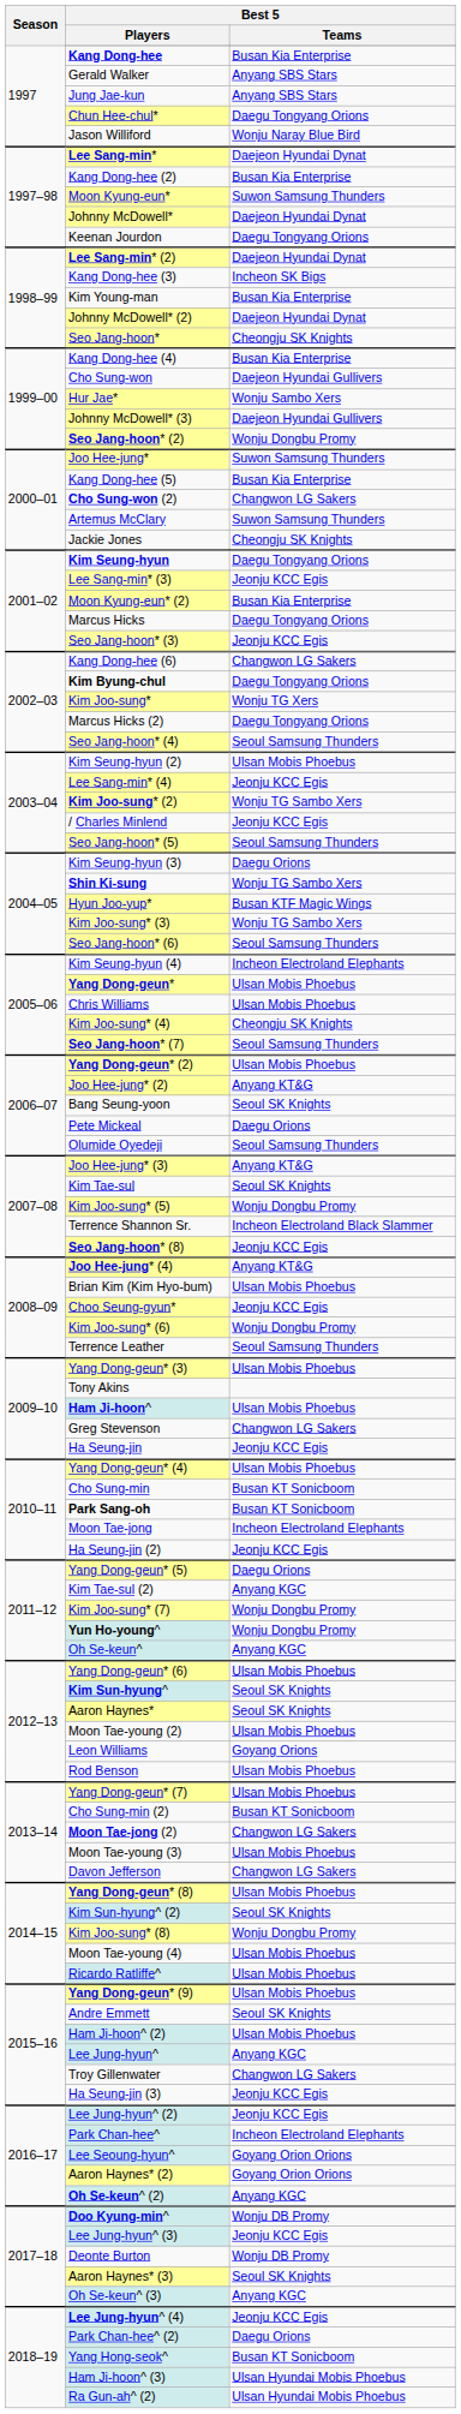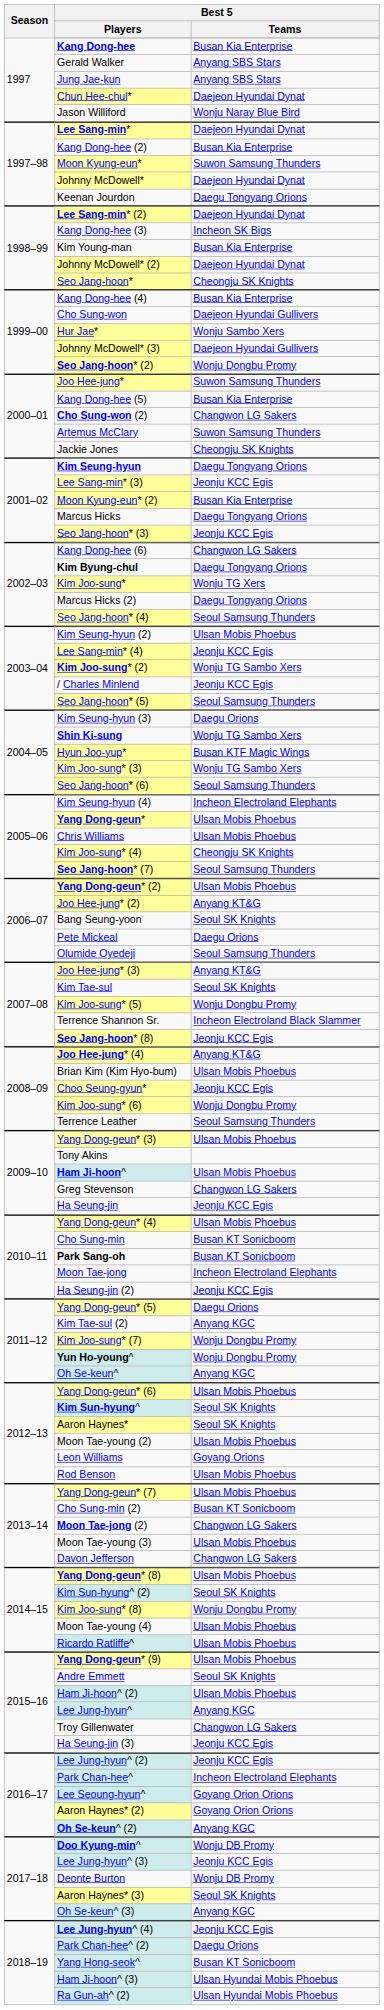 <table class="wikitable sortable" style="width:45%">
 <tr>
 <th rowspan="2">Season</th>
 <th colspan="2" class=unsortable>Best 5</th>
 </tr>
 <tr>
 <th class=unsortable>Players</th>
 <th class=unsortable>Teams</th>
 </tr>
 <tr>
 <td rowspan="6">1997</td>
 </tr>
 <tr>
 <td><strong><a href='#'>Kang Dong-hee</a></strong></td>
 <td><a href='#'>Busan Kia Enterprise</a></td>
 </tr>
 <tr>
 <td> Gerald Walker</td>
 <td><a href='#'>Anyang SBS Stars</a></td>
 </tr>
 <tr>
 <td><a href='#'>Jung Jae-kun</a></td>
 <td><a href='#'>Anyang SBS Stars</a></td>
 </tr>
 <tr>
 <td style="background-color:#FFFF99;"><a href='#'>Chun Hee-chul</a>*</td>
-<td><a href='#'>Daegu Tongyang Orions</a></td>
+<td><a href='#'>Daejeon Hyundai Dynat</a></td>
 </tr>
 <tr>
 <td> Jason Williford</td>
 <td><a href='#'>Wonju Naray Blue Bird</a></td>
 </tr>
 <tr style="border-top:2px solid black">
 <td rowspan="6">1997–98</td>
 </tr>
 <tr>
 <td style="background-color:#FFFF99;"><strong><a href='#'>Lee Sang-min</a></strong>*</td>
 <td><a href='#'>Daejeon Hyundai Dynat</a></td>
 </tr>
 <tr>
 <td><a href='#'>Kang Dong-hee</a> (2)</td>
 <td><a href='#'>Busan Kia Enterprise</a></td>
 </tr>
 <tr>
 <td style="background-color:#FFFF99;"><a href='#'>Moon Kyung-eun</a>*</td>
 <td><a href='#'>Suwon Samsung Thunders</a></td>
 </tr>
 <tr>
 <td style="background-color:#FFFF99;"> Johnny McDowell*</td>
 <td><a href='#'>Daejeon Hyundai Dynat</a></td>
 </tr>
 <tr>
 <td> Keenan Jourdon</td>
 <td><a href='#'>Daegu Tongyang Orions</a></td>
 </tr>
 <tr style="border-top:2px solid black">
 <td rowspan="6">1998–99</td>
 </tr>
 <tr>
 <td style="background-color:#FFFF99;"><strong><a href='#'>Lee Sang-min</a></strong>* (2)</td>
 <td><a href='#'>Daejeon Hyundai Dynat</a></td>
 </tr>
 <tr>
 <td><a href='#'>Kang Dong-hee</a> (3)</td>
 <td><a href='#'>Incheon SK Bigs</a></td>
 </tr>
 <tr>
 <td>Kim Young-man</td>
 <td><a href='#'>Busan Kia Enterprise</a></td>
 </tr>
 <tr>
 <td style="background-color:#FFFF99;"> Johnny McDowell* (2)</td>
 <td><a href='#'>Daejeon Hyundai Dynat</a></td>
 </tr>
 <tr>
 <td style="background-color:#FFFF99;"><a href='#'>Seo Jang-hoon</a>*</td>
 <td><a href='#'>Cheongju SK Knights</a></td>
 </tr>
 <tr style="border-top:2px solid black">
 <td rowspan="6">1999–00</td>
 </tr>
 <tr>
 <td><a href='#'>Kang Dong-hee</a> (4)</td>
 <td><a href='#'>Busan Kia Enterprise</a></td>
 </tr>
 <tr>
 <td><a href='#'>Cho Sung-won</a></td>
 <td><a href='#'>Daejeon Hyundai Gullivers</a></td>
 </tr>
 <tr>
 <td style="background-color:#FFFF99;"><a href='#'>Hur Jae</a>*</td>
 <td><a href='#'>Wonju Sambo Xers</a></td>
 </tr>
 <tr>
 <td style="background-color:#FFFF99;"> Johnny McDowell* (3)</td>
 <td><a href='#'>Daejeon Hyundai Gullivers</a></td>
 </tr>
 <tr>
 <td style="background-color:#FFFF99;"><strong><a href='#'>Seo Jang-hoon</a></strong>* (2)</td>
 <td><a href='#'>Wonju Dongbu Promy</a></td>
 </tr>
 <tr style="border-top:2px solid black">
 <td rowspan="6">2000–01</td>
 </tr>
 <tr>
 <td style="background-color:#FFFF99;"><a href='#'>Joo Hee-jung</a>*</td>
 <td><a href='#'>Suwon Samsung Thunders</a></td>
 </tr>
 <tr>
 <td><a href='#'>Kang Dong-hee</a> (5)</td>
 <td><a href='#'>Busan Kia Enterprise</a></td>
 </tr>
 <tr>
 <td><strong><a href='#'>Cho Sung-won</a></strong> (2)</td>
 <td><a href='#'>Changwon LG Sakers</a></td>
 </tr>
 <tr>
 <td> <a href='#'>Artemus McClary</a></td>
 <td><a href='#'>Suwon Samsung Thunders</a></td>
 </tr>
 <tr>
 <td> Jackie Jones</td>
 <td><a href='#'>Cheongju SK Knights</a></td>
 </tr>
 <tr style="border-top:2px solid black">
 <td rowspan="6">2001–02</td>
 </tr>
 <tr>
 <td><strong><a href='#'>Kim Seung-hyun</a></strong></td>
 <td><a href='#'>Daegu Tongyang Orions</a></td>
 </tr>
 <tr>
 <td style="background-color:#FFFF99;"><a href='#'>Lee Sang-min</a>* (3)</td>
 <td><a href='#'>Jeonju KCC Egis</a></td>
 </tr>
 <tr>
 <td style="background-color:#FFFF99;"><a href='#'>Moon Kyung-eun</a>* (2)</td>
 <td><a href='#'>Busan Kia Enterprise</a></td>
 </tr>
 <tr>
 <td> Marcus Hicks</td>
 <td><a href='#'>Daegu Tongyang Orions</a></td>
 </tr>
 <tr>
 <td style="background-color:#FFFF99;"><a href='#'>Seo Jang-hoon</a>* (3)</td>
 <td><a href='#'>Jeonju KCC Egis</a></td>
 </tr>
 <tr style="border-top:2px solid black">
 <td rowspan="6">2002–03</td>
 </tr>
 <tr>
 <td><a href='#'>Kang Dong-hee</a> (6)</td>
 <td><a href='#'>Changwon LG Sakers</a></td>
 </tr>
 <tr>
 <td><strong>Kim Byung-chul</strong></td>
 <td><a href='#'>Daegu Tongyang Orions</a></td>
 </tr>
 <tr>
 <td style="background-color:#FFFF99;"><a href='#'>Kim Joo-sung</a>*</td>
 <td><a href='#'>Wonju TG Xers</a></td>
 </tr>
 <tr>
 <td> Marcus Hicks (2)</td>
 <td><a href='#'>Daegu Tongyang Orions</a></td>
 </tr>
 <tr>
 <td style="background-color:#FFFF99;"><a href='#'>Seo Jang-hoon</a>* (4)</td>
 <td><a href='#'>Seoul Samsung Thunders</a></td>
 </tr>
 <tr style="border-top:2px solid black">
 <td rowspan="6">2003–04</td>
 </tr>
 <tr>
 <td><a href='#'>Kim Seung-hyun</a> (2)</td>
 <td><a href='#'>Ulsan Mobis Phoebus</a></td>
 </tr>
 <tr>
 <td style="background-color:#FFFF99;"><a href='#'>Lee Sang-min</a>* (4)</td>
 <td><a href='#'>Jeonju KCC Egis</a></td>
 </tr>
 <tr>
 <td style="background-color:#FFFF99;"><strong><a href='#'>Kim Joo-sung</a></strong>* (2)</td>
 <td><a href='#'>Wonju TG Sambo Xers</a></td>
 </tr>
 <tr>
 <td>/ <a href='#'>Charles Minlend</a></td>
 <td><a href='#'>Jeonju KCC Egis</a></td>
 </tr>
 <tr>
 <td style="background-color:#FFFF99;"><a href='#'>Seo Jang-hoon</a>* (5)</td>
 <td><a href='#'>Seoul Samsung Thunders</a></td>
 </tr>
 <tr style="border-top:2px solid black">
 <td rowspan="6">2004–05</td>
 </tr>
 <tr>
 <td><a href='#'>Kim Seung-hyun</a> (3)</td>
 <td><a href='#'>Daegu Orions</a></td>
 </tr>
 <tr>
 <td><strong><a href='#'>Shin Ki-sung</a></strong></td>
 <td><a href='#'>Wonju TG Sambo Xers</a></td>
 </tr>
 <tr>
 <td style="background-color:#FFFF99;"><a href='#'>Hyun Joo-yup</a>*</td>
 <td><a href='#'>Busan KTF Magic Wings</a></td>
 </tr>
 <tr>
 <td style="background-color:#FFFF99;"><a href='#'>Kim Joo-sung</a>* (3)</td>
 <td><a href='#'>Wonju TG Sambo Xers</a></td>
 </tr>
 <tr>
 <td style="background-color:#FFFF99;"><a href='#'>Seo Jang-hoon</a>* (6)</td>
 <td><a href='#'>Seoul Samsung Thunders</a></td>
 </tr>
 <tr style="border-top:2px solid black">
 <td rowspan="6">2005–06</td>
 </tr>
 <tr>
 <td><a href='#'>Kim Seung-hyun</a> (4)</td>
 <td><a href='#'>Incheon Electroland Elephants</a></td>
 </tr>
 <tr>
 <td style="background-color:#FFFF99;"><strong><a href='#'>Yang Dong-geun</a></strong>*</td>
 <td><a href='#'>Ulsan Mobis Phoebus</a></td>
 </tr>
 <tr>
 <td> <a href='#'>Chris Williams</a></td>
 <td><a href='#'>Ulsan Mobis Phoebus</a></td>
 </tr>
 <tr>
 <td style="background-color:#FFFF99;"><a href='#'>Kim Joo-sung</a>* (4)</td>
 <td><a href='#'>Cheongju SK Knights</a></td>
 </tr>
 <tr>
 <td style="background-color:#FFFF99;"><strong><a href='#'>Seo Jang-hoon</a></strong>* (7)</td>
 <td><a href='#'>Seoul Samsung Thunders</a></td>
 </tr>
 <tr style="border-top:2px solid black">
 <td rowspan="6">2006–07</td>
 </tr>
 <tr>
 <td style="background-color:#FFFF99;"><strong><a href='#'>Yang Dong-geun</a></strong>* (2)</td>
 <td><a href='#'>Ulsan Mobis Phoebus</a></td>
 </tr>
 <tr>
 <td style="background-color:#FFFF99;"><a href='#'>Joo Hee-jung</a>* (2)</td>
 <td><a href='#'>Anyang KT&G</a></td>
 </tr>
 <tr>
 <td>Bang Seung-yoon</td>
 <td><a href='#'>Seoul SK Knights</a></td>
 </tr>
 <tr>
 <td> <a href='#'>Pete Mickeal</a></td>
 <td><a href='#'>Daegu Orions</a></td>
 </tr>
 <tr>
 <td> <a href='#'>Olumide Oyedeji</a></td>
 <td><a href='#'>Seoul Samsung Thunders</a></td>
 </tr>
 <tr style="border-top:2px solid black">
 <td rowspan="6">2007–08</td>
 </tr>
 <tr>
 <td style="background-color:#FFFF99;"><a href='#'>Joo Hee-jung</a>* (3)</td>
 <td><a href='#'>Anyang KT&G</a></td>
 </tr>
 <tr>
 <td><a href='#'>Kim Tae-sul</a></td>
 <td><a href='#'>Seoul SK Knights</a></td>
 </tr>
 <tr>
 <td style="background-color:#FFFF99;"><a href='#'>Kim Joo-sung</a>* (5)</td>
 <td><a href='#'>Wonju Dongbu Promy</a></td>
 </tr>
 <tr>
 <td>Terrence Shannon Sr.</td>
 <td><a href='#'>Incheon Electroland Black Slammer</a></td>
 </tr>
 <tr>
 <td style="background-color:#FFFF99;"><strong><a href='#'>Seo Jang-hoon</a></strong>* (8)</td>
 <td><a href='#'>Jeonju KCC Egis</a></td>
 </tr>
 <tr style="border-top:2px solid black">
 <td rowspan="6">2008–09</td>
 </tr>
 <tr>
 <td style="background-color:#FFFF99;"><strong><a href='#'>Joo Hee-jung</a></strong>* (4)</td>
 <td><a href='#'>Anyang KT&G</a></td>
 </tr>
 <tr>
 <td> Brian Kim (Kim Hyo-bum)</td>
 <td><a href='#'>Ulsan Mobis Phoebus</a></td>
 </tr>
 <tr>
 <td style="background-color:#FFFF99;"><a href='#'>Choo Seung-gyun</a>*</td>
 <td><a href='#'>Jeonju KCC Egis</a></td>
 </tr>
 <tr>
 <td style="background-color:#FFFF99;"><a href='#'>Kim Joo-sung</a>* (6)</td>
 <td><a href='#'>Wonju Dongbu Promy</a></td>
 </tr>
 <tr>
 <td> Terrence Leather</td>
 <td><a href='#'>Seoul Samsung Thunders</a></td>
 </tr>
 <tr style="border-top:2px solid black">
 <td rowspan="6">2009–10</td>
 </tr>
 <tr>
 <td style="background-color:#FFFF99;"><a href='#'>Yang Dong-geun</a>* (3)</td>
 <td><a href='#'>Ulsan Mobis Phoebus</a></td>
 </tr>
 <tr>
 <td> Tony Akins</td>
 </tr>
 <tr>
 <td style="background-color:#CFECEC;"><strong><a href='#'>Ham Ji-hoon</a></strong>^</td>
 <td><a href='#'>Ulsan Mobis Phoebus</a></td>
 </tr>
 <tr>
 <td> Greg Stevenson</td>
 <td><a href='#'>Changwon LG Sakers</a></td>
 </tr>
 <tr>
 <td><a href='#'>Ha Seung-jin</a></td>
 <td><a href='#'>Jeonju KCC Egis</a></td>
 </tr>
 <tr style="border-top:2px solid black">
 <td rowspan="6">2010–11</td>
 </tr>
 <tr>
 <td style="background-color:#FFFF99;"><a href='#'>Yang Dong-geun</a>* (4)</td>
 <td><a href='#'>Ulsan Mobis Phoebus</a></td>
 </tr>
 <tr>
 <td><a href='#'>Cho Sung-min</a></td>
 <td><a href='#'>Busan KT Sonicboom</a></td>
 </tr>
 <tr>
 <td><strong>Park Sang-oh</strong></td>
 <td><a href='#'>Busan KT Sonicboom</a></td>
 </tr>
 <tr>
 <td><a href='#'>Moon Tae-jong</a></td>
 <td><a href='#'>Incheon Electroland Elephants</a></td>
 </tr>
 <tr>
 <td><a href='#'>Ha Seung-jin</a> (2)</td>
 <td><a href='#'>Jeonju KCC Egis</a></td>
 </tr>
 <tr style="border-top:2px solid black">
 <td rowspan="6">2011–12</td>
 </tr>
 <tr>
 <td style="background-color:#FFFF99;"><a href='#'>Yang Dong-geun</a>* (5)</td>
 <td><a href='#'>Daegu Orions</a></td>
 </tr>
 <tr>
 <td><a href='#'>Kim Tae-sul</a> (2)</td>
 <td><a href='#'>Anyang KGC</a></td>
 </tr>
 <tr>
 <td style="background-color:#FFFF99;"><a href='#'>Kim Joo-sung</a>* (7)</td>
 <td><a href='#'>Wonju Dongbu Promy</a></td>
 </tr>
 <tr>
 <td style="background-color:#CFECEC;"><strong>Yun Ho-young</strong>^</td>
 <td><a href='#'>Wonju Dongbu Promy</a></td>
 </tr>
 <tr>
 <td style="background-color:#CFECEC;"><a href='#'>Oh Se-keun</a>^</td>
 <td><a href='#'>Anyang KGC</a></td>
 </tr>
 <tr style="border-top:2px solid black">
 <td rowspan="7">2012–13</td>
 </tr>
 <tr>
 <td style="background-color:#FFFF99;"><a href='#'>Yang Dong-geun</a>* (6)</td>
 <td><a href='#'>Ulsan Mobis Phoebus</a></td>
 </tr>
 <tr>
 <td style="background-color:#CFECEC;"><strong><a href='#'>Kim Sun-hyung</a></strong>^</td>
 <td><a href='#'>Seoul SK Knights</a></td>
 </tr>
 <tr>
 <td style="background-color:#FFFF99;"> Aaron Haynes*</td>
 <td><a href='#'>Seoul SK Knights</a></td>
 </tr>
 <tr>
 <td>Moon Tae-young (2)</td>
 <td><a href='#'>Ulsan Mobis Phoebus</a></td>
 </tr>
 <tr>
 <td> <a href='#'>Leon Williams</a></td>
 <td><a href='#'>Goyang Orions</a></td>
 </tr>
 <tr>
 <td> <a href='#'>Rod Benson</a></td>
 <td><a href='#'>Ulsan Mobis Phoebus</a></td>
 </tr>
 <tr style="border-top:2px solid black">
 <td rowspan="6">2013–14</td>
 </tr>
 <tr>
 <td style="background-color:#FFFF99;"><a href='#'>Yang Dong-geun</a>* (7)</td>
 <td><a href='#'>Ulsan Mobis Phoebus</a></td>
 </tr>
 <tr>
 <td><a href='#'>Cho Sung-min</a> (2)</td>
 <td><a href='#'>Busan KT Sonicboom</a></td>
 </tr>
 <tr>
 <td><strong><a href='#'>Moon Tae-jong</a></strong> (2)</td>
 <td><a href='#'>Changwon LG Sakers</a></td>
 </tr>
 <tr>
 <td>Moon Tae-young (3)</td>
 <td><a href='#'>Ulsan Mobis Phoebus</a></td>
 </tr>
 <tr>
 <td><a href='#'>Davon Jefferson</a></td>
 <td><a href='#'>Changwon LG Sakers</a></td>
 </tr>
 <tr style="border-top:2px solid black">
 <td rowspan="6">2014–15</td>
 </tr>
 <tr>
 <td style="background-color:#FFFF99;"><strong><a href='#'>Yang Dong-geun</a></strong>* (8)</td>
 <td><a href='#'>Ulsan Mobis Phoebus</a></td>
 </tr>
 <tr>
 <td style="background-color:#CFECEC;"><a href='#'>Kim Sun-hyung</a>^ (2)</td>
 <td><a href='#'>Seoul SK Knights</a></td>
 </tr>
 <tr>
 <td style="background-color:#FFFF99;"><a href='#'>Kim Joo-sung</a>* (8)</td>
 <td><a href='#'>Wonju Dongbu Promy</a></td>
 </tr>
 <tr>
 <td>Moon Tae-young (4)</td>
 <td><a href='#'>Ulsan Mobis Phoebus</a></td>
 </tr>
 <tr>
 <td style="background-color:#CFECEC;"> <a href='#'>Ricardo Ratliffe</a>^</td>
 <td><a href='#'>Ulsan Mobis Phoebus</a></td>
 </tr>
 <tr style="border-top:2px solid black">
 <td rowspan="7">2015–16</td>
 </tr>
 <tr>
 <td style="background-color:#FFFF99;"><strong><a href='#'>Yang Dong-geun</a></strong>* (9)</td>
 <td><a href='#'>Ulsan Mobis Phoebus</a></td>
 </tr>
 <tr>
 <td> <a href='#'>Andre Emmett</a></td>
 <td><a href='#'>Seoul SK Knights</a></td>
 </tr>
 <tr>
 <td style="background-color:#CFECEC;"><a href='#'>Ham Ji-hoon</a>^ (2)</td>
 <td><a href='#'>Ulsan Mobis Phoebus</a></td>
 </tr>
 <tr>
 <td style="background-color:#CFECEC;"><a href='#'>Lee Jung-hyun</a>^</td>
 <td><a href='#'>Anyang KGC</a></td>
 </tr>
 <tr>
 <td> Troy Gillenwater</td>
 <td><a href='#'>Changwon LG Sakers</a></td>
 </tr>
 <tr>
 <td><a href='#'>Ha Seung-jin</a> (3)</td>
 <td><a href='#'>Jeonju KCC Egis</a></td>
 </tr>
 <tr style="border-top:2px solid black">
 <td rowspan="6">2016–17</td>
 </tr>
 <tr>
 <td style="background-color:#CFECEC;"><a href='#'>Lee Jung-hyun</a>^ (2)</td>
 <td><a href='#'>Jeonju KCC Egis</a></td>
 </tr>
 <tr>
 <td style="background-color:#CFECEC;"><a href='#'>Park Chan-hee</a>^</td>
 <td><a href='#'>Incheon Electroland Elephants</a></td>
 </tr>
 <tr>
 <td style="background-color:#CFECEC;"><a href='#'>Lee Seoung-hyun</a>^</td>
 <td><a href='#'>Goyang Orion Orions</a></td>
 </tr>
 <tr>
 <td style="background-color:#FFFF99;"> Aaron Haynes* (2)</td>
 <td><a href='#'>Goyang Orion Orions</a></td>
 </tr>
 <tr>
 <td style="background-color:#CFECEC;"><strong><a href='#'>Oh Se-keun</a></strong>^ (2)</td>
 <td><a href='#'>Anyang KGC</a></td>
 </tr>
 <tr style="border-top:2px solid black">
 <td rowspan="6">2017–18</td>
 </tr>
 <tr>
 <td style="background-color:#CFECEC;"><strong><a href='#'>Doo Kyung-min</a></strong>^</td>
 <td><a href='#'>Wonju DB Promy</a></td>
 </tr>
 <tr>
 <td style="background-color:#CFECEC;"><a href='#'>Lee Jung-hyun</a>^ (3)</td>
 <td><a href='#'>Jeonju KCC Egis</a></td>
 </tr>
 <tr>
 <td> <a href='#'>Deonte Burton</a></td>
 <td><a href='#'>Wonju DB Promy</a></td>
 </tr>
 <tr>
 <td style="background-color:#FFFF99;"> Aaron Haynes* (3)</td>
 <td><a href='#'>Seoul SK Knights</a></td>
 </tr>
 <tr>
 <td style="background-color:#CFECEC;"><a href='#'>Oh Se-keun</a>^ (3)</td>
 <td><a href='#'>Anyang KGC</a></td>
 </tr>
 <tr style="border-top:2px solid black">
 <td rowspan="6">2018–19</td>
 </tr>
 <tr>
 <td style="background-color:#CFECEC;"><strong><a href='#'>Lee Jung-hyun</a></strong>^ (4)</td>
 <td><a href='#'>Jeonju KCC Egis</a></td>
 </tr>
 <tr>
 <td style="background-color:#CFECEC;"><a href='#'>Park Chan-hee</a>^ (2)</td>
 <td><a href='#'>Daegu Orions</a></td>
 </tr>
 <tr>
 <td style="background-color:#CFECEC;"><a href='#'>Yang Hong-seok</a>^</td>
 <td><a href='#'>Busan KT Sonicboom</a></td>
 </tr>
 <tr>
 <td style="background-color:#CFECEC;"><a href='#'>Ham Ji-hoon</a>^ (3)</td>
 <td><a href='#'>Ulsan Hyundai Mobis Phoebus</a></td>
 </tr>
 <tr>
 <td style="background-color:#CFECEC;"><a href='#'>Ra Gun-ah</a>^ (2)</td>
 <td><a href='#'>Ulsan Hyundai Mobis Phoebus</a></td>
 </tr>
 </table>
